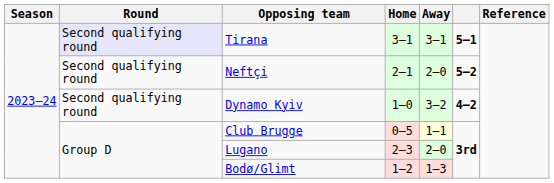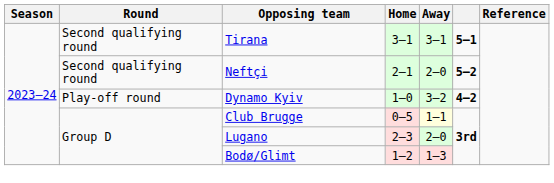 <table class="wikitable">
 <tr>
 <th>Season</th>
 <th width=175>Round</th>
 <th width=175>Opposing team</th>
 <th>Home</th>
 <th>Away</th>
 <th></th>
 <th>Reference</th>
 </tr>
 <tr>
 <td rowspan=6><a href='#'>2023–24</a></td>
-<td style="background: lavender;">Second qualifying round</td>
+<td>Second qualifying round</td>
 <td> <a href='#'>Tirana</a></td>
 <td style="text-align:center; background:#dfd;">3–1</td>
 <td style="text-align:center; background:#dfd;">3–1</td>
 <td style="text-align:center;"><strong>5–1</strong></td>
 <td rowspan=6 style="text-align:center;"></td>
 </tr>
 <tr>
 <td>Second qualifying round</td>
 <td> <a href='#'>Neftçi</a></td>
 <td style="text-align:center; background:#dfd;">2–1</td>
 <td style="text-align:center; background:#dfd;">2–0</td>
 <td style="text-align:center;"><strong>5–2</strong></td>
 </tr>
 <tr>
-<td>Second qualifying round</td>
+<td>Play-off round</td>
 <td> <a href='#'>Dynamo Kyiv</a></td>
 <td style="text-align:center; background:#dfd;">1–0</td>
 <td style="text-align:center; background:#dfd;">3–2</td>
 <td style="text-align:center;"><strong>4–2</strong></td>
 </tr>
 <tr>
 <td rowspan=3>Group D</td>
 <td> <a href='#'>Club Brugge</a></td>
 <td style="text-align:center; background:#fdd;">0–5</td>
 <td style="text-align:center; background:#ffd;">1–1</td>
 <td style="text-align:center;" rowspan=3><strong>3rd</strong></td>
 </tr>
 <tr>
 <td> <a href='#'>Lugano</a></td>
 <td style="text-align:center; background:#fdd;">2–3</td>
 <td style="text-align:center; background:#dfd;">2–0</td>
 </tr>
 <tr>
 <td> <a href='#'>Bodø/Glimt</a></td>
 <td style="text-align:center; background:#fdd;">1–2</td>
 <td style="text-align:center; background:#fdd;">1–3</td>
 </tr>
 </table>
